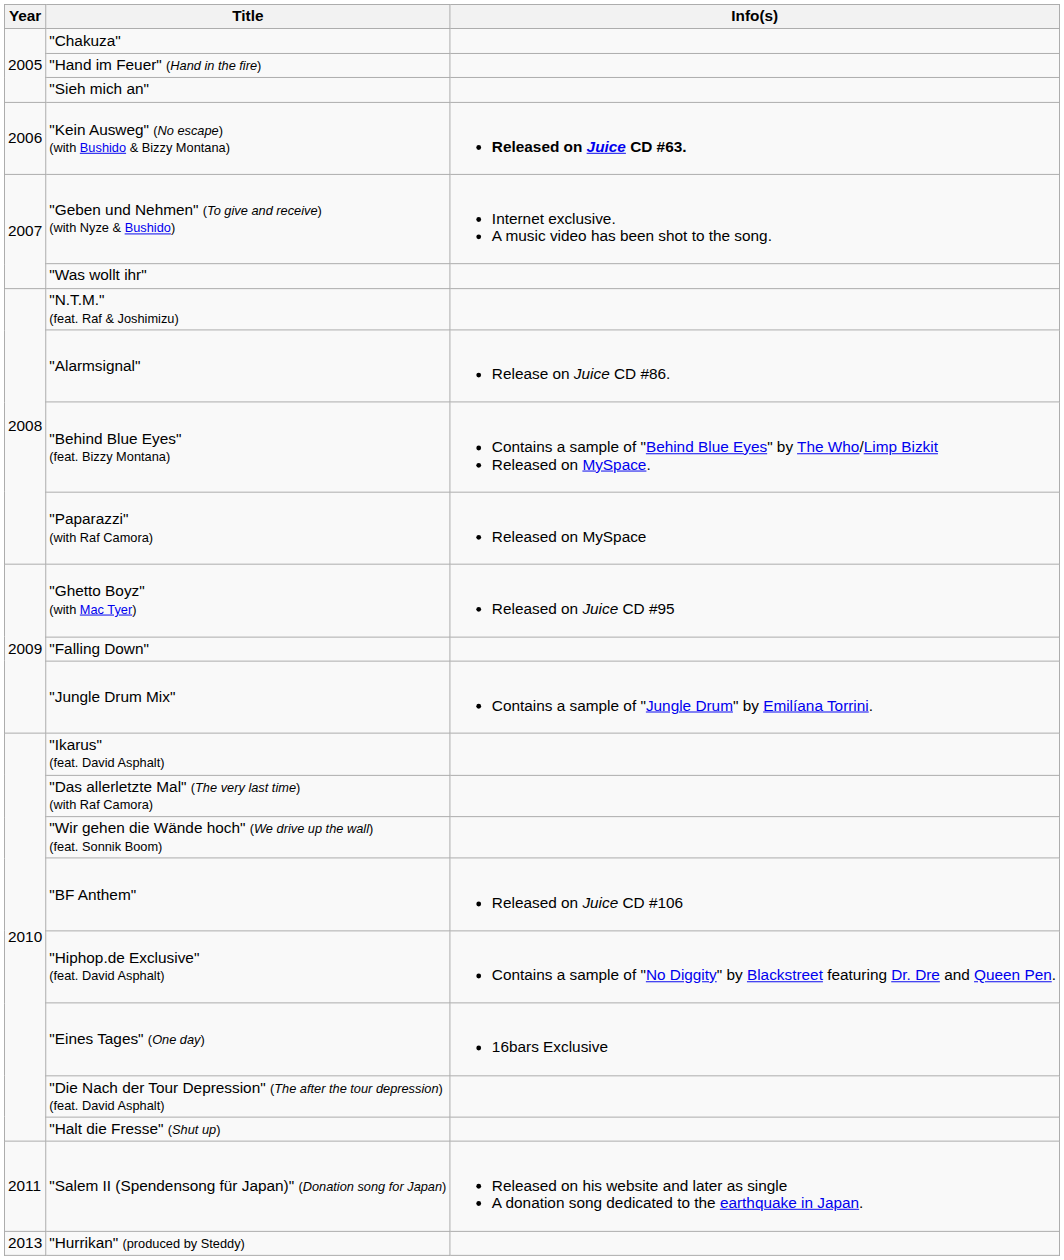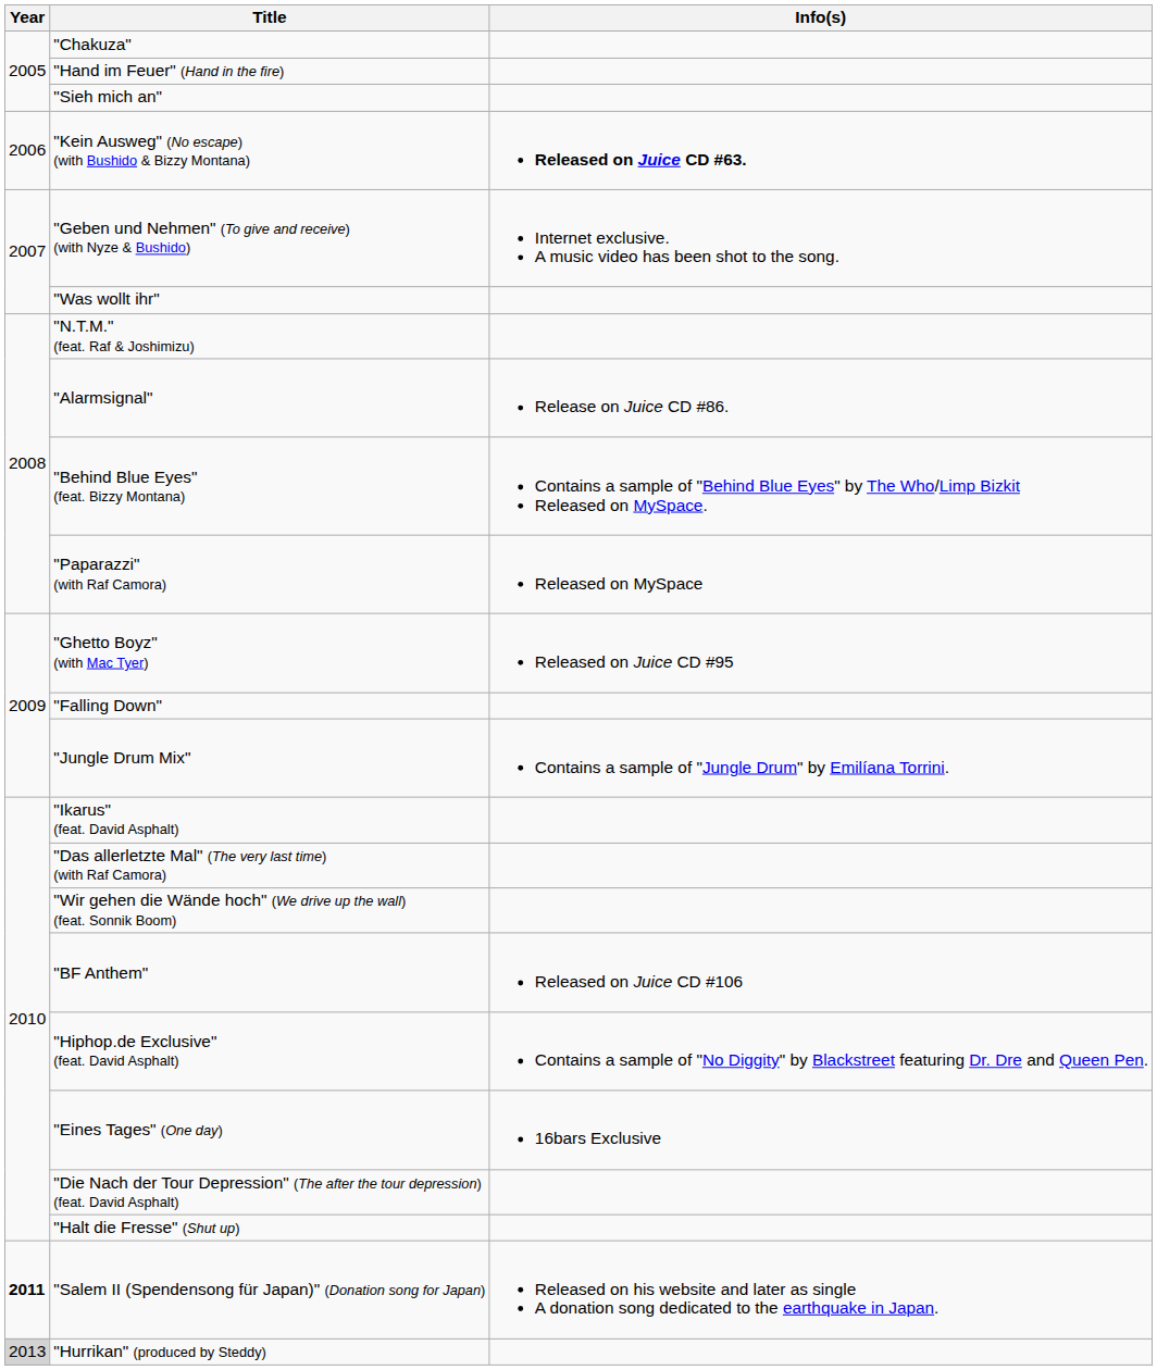 <table class="wikitable">
 <tr>
 <th>Year</th>
 <th>Title</th>
 <th>Info(s)</th>
 </tr>
 <tr>
 <td rowspan="3">2005</td>
 <td>"Chakuza"</td>
 <td></td>
 </tr>
 <tr>
 <td>"Hand im Feuer" <small>(<em>Hand in the fire</em>)</small></td>
 <td></td>
 </tr>
 <tr>
 <td>"Sieh mich an"</td>
 <td></td>
 </tr>
 <tr>
 <td>2006</td>
 <td>"Kein Ausweg" <small>(<em>No escape</em>)</small><br><small>(with <a href='#'>Bushido</a> & Bizzy Montana)</small></td>
 <td><strong><br><ul><li>Released on <em><a href='#'>Juice</a></em> CD #63.</li></ul></strong></td>
 </tr>
 <tr>
 <td rowspan="2">2007</td>
 <td>"Geben und Nehmen" <small>(<em>To give and receive</em>)</small><br><small>(with Nyze & <a href='#'>Bushido</a>)</small></td>
 <td><br><ul><li>Internet exclusive.</li><li>A music video has been shot to the song.</li></ul></td>
 </tr>
 <tr>
 <td>"Was wollt ihr"</td>
 <td></td>
 </tr>
 <tr>
 <td rowspan="4">2008</td>
 <td>"N.T.M." <br><small>(feat. Raf & Joshimizu)</small></td>
 <td></td>
 </tr>
 <tr>
 <td>"Alarmsignal"</td>
 <td><br><ul><li>Release on <em>Juice</em> CD #86.</li></ul></td>
 </tr>
 <tr>
 <td>"Behind Blue Eyes" <br><small>(feat. Bizzy Montana)</small></td>
 <td><br><ul><li>Contains a sample of "<a href='#'>Behind Blue Eyes</a>" by <a href='#'>The Who</a>/<a href='#'>Limp Bizkit</a></li><li>Released on <a href='#'>MySpace</a>.</li></ul></td>
 </tr>
 <tr>
 <td>"Paparazzi" <br><small>(with Raf Camora)</small></td>
 <td><br><ul><li>Released on MySpace</li></ul></td>
 </tr>
 <tr>
 <td rowspan="3">2009</td>
 <td>"Ghetto Boyz" <br><small>(with <a href='#'>Mac Tyer</a>)</small></td>
 <td><br><ul><li>Released on <em>Juice</em> CD #95</li></ul></td>
 </tr>
 <tr>
 <td>"Falling Down"</td>
 <td></td>
 </tr>
 <tr>
 <td>"Jungle Drum Mix"</td>
 <td><br><ul><li>Contains a sample of "<a href='#'>Jungle Drum</a>" by <a href='#'>Emilíana Torrini</a>.</li></ul></td>
 </tr>
 <tr>
 <td rowspan="8">2010</td>
 <td>"Ikarus" <br><small>(feat. David Asphalt)</small></td>
 <td></td>
 </tr>
 <tr>
 <td>"Das allerletzte Mal" <small>(<em>The very last time</em>)</small><br><small>(with Raf Camora)</small></td>
 <td></td>
 </tr>
 <tr>
 <td>"Wir gehen die Wände hoch" <small>(<em>We drive up the wall</em>)</small><br><small>(feat. Sonnik Boom)</small></td>
 <td></td>
 </tr>
 <tr>
 <td>"BF Anthem"</td>
 <td><br><ul><li>Released on <em>Juice</em> CD #106</li></ul></td>
 </tr>
 <tr>
 <td>"Hiphop.de Exclusive" <br><small>(feat. David Asphalt)</small></td>
 <td><br><ul><li>Contains a sample of "<a href='#'>No Diggity</a>" by <a href='#'>Blackstreet</a> featuring <a href='#'>Dr. Dre</a> and <a href='#'>Queen Pen</a>.</li></ul></td>
 </tr>
 <tr>
 <td>"Eines Tages" <small>(<em>One day</em>)</small></td>
 <td><br><ul><li>16bars Exclusive</li></ul></td>
 </tr>
 <tr>
 <td>"Die Nach der Tour Depression" <small>(<em>The after the tour depression</em>)</small><br><small>(feat. David Asphalt)</small></td>
 <td></td>
 </tr>
 <tr>
 <td>"Halt die Fresse" <small>(<em>Shut up</em>)</small></td>
 <td></td>
 </tr>
 <tr>
-<td>2011</td>
+<td><strong>2011</strong></td>
 <td>"Salem II (Spendensong für Japan)" <small>(<em>Donation song for Japan</em>)</small></td>
 <td><br><ul><li>Released on his website and later as single</li><li>A donation song dedicated to the <a href='#'>earthquake in Japan</a>.</li></ul></td>
 </tr>
 <tr>
-<td>2013</td>
+<td style="background: lightgrey;">2013</td>
 <td>"Hurrikan" <small>(produced by Steddy)</small></td>
 <td></td>
 </tr>
 </table>
